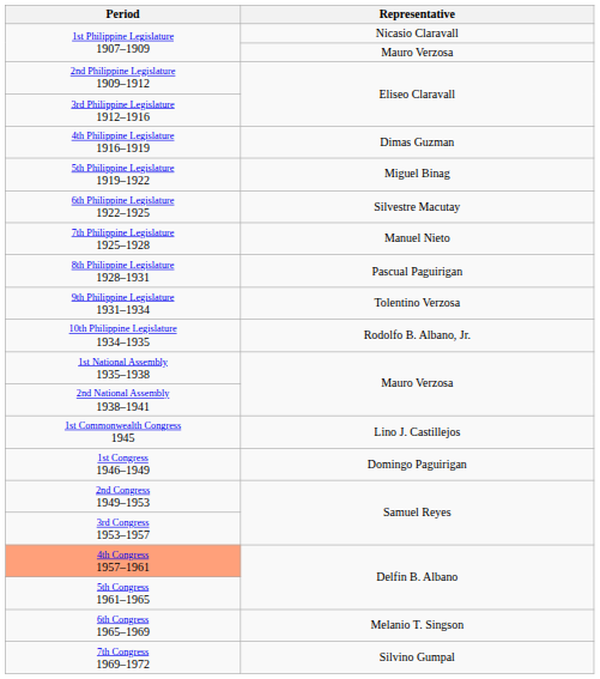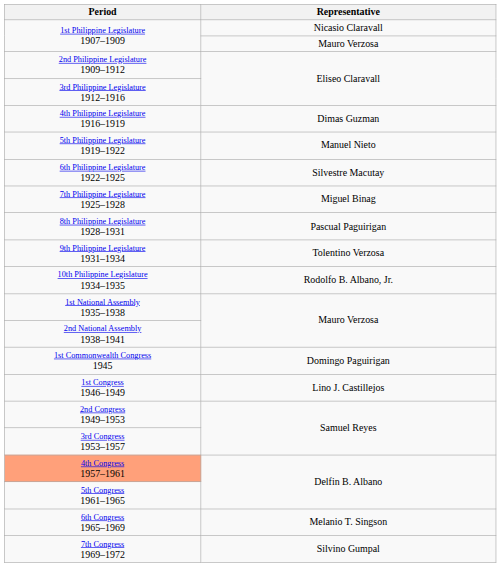 <table class="wikitable" style="text-align:center; width:40%;">
 <tr>
 <th width="40%">Period</th>
 <th>Representative</th>
 </tr>
 <tr>
 <td rowspan="2"><small><a href='#'>1st Philippine Legislature</a></small><br>1907–1909</td>
 <td>Nicasio Claravall</td>
 </tr>
 <tr>
 <td>Mauro Verzosa</td>
 </tr>
 <tr>
 <td><small><a href='#'>2nd Philippine Legislature</a></small><br>1909–1912</td>
 <td rowspan="2">Eliseo Claravall</td>
 </tr>
 <tr>
 <td><small><a href='#'>3rd Philippine Legislature</a></small><br>1912–1916</td>
 </tr>
 <tr>
 <td><small><a href='#'>4th Philippine Legislature</a></small><br>1916–1919</td>
 <td>Dimas Guzman</td>
 </tr>
 <tr>
 <td><small><a href='#'>5th Philippine Legislature</a></small><br>1919–1922</td>
-<td>Miguel Binag</td>
+<td>Manuel Nieto</td>
 </tr>
 <tr>
 <td><small><a href='#'>6th Philippine Legislature</a></small><br>1922–1925</td>
 <td>Silvestre Macutay</td>
 </tr>
 <tr>
 <td><small><a href='#'>7th Philippine Legislature</a></small><br>1925–1928</td>
-<td>Manuel Nieto</td>
+<td>Miguel Binag</td>
 </tr>
 <tr>
 <td><small><a href='#'>8th Philippine Legislature</a></small><br>1928–1931</td>
 <td>Pascual Paguirigan</td>
 </tr>
 <tr>
 <td><small><a href='#'>9th Philippine Legislature</a></small><br>1931–1934</td>
 <td>Tolentino Verzosa</td>
 </tr>
 <tr>
 <td><small><a href='#'>10th Philippine Legislature</a></small><br>1934–1935</td>
 <td>Rodolfo B. Albano, Jr.</td>
 </tr>
 <tr>
 <td><small><a href='#'>1st National Assembly</a></small><br>1935–1938</td>
 <td rowspan="2">Mauro Verzosa</td>
 </tr>
 <tr>
 <td><small><a href='#'>2nd National Assembly</a></small><br>1938–1941</td>
 </tr>
 <tr>
 <td><small><a href='#'>1st Commonwealth Congress</a></small><br>1945</td>
-<td>Lino J. Castillejos</td>
+<td>Domingo Paguirigan</td>
 </tr>
 <tr>
 <td><small><a href='#'>1st Congress</a></small><br>1946–1949</td>
-<td>Domingo Paguirigan</td>
+<td>Lino J. Castillejos</td>
 </tr>
 <tr>
 <td><small><a href='#'>2nd Congress</a></small><br>1949–1953</td>
 <td rowspan="2">Samuel Reyes</td>
 </tr>
 <tr>
 <td><small><a href='#'>3rd Congress</a></small><br>1953–1957</td>
 </tr>
 <tr>
 <td style="background: lightsalmon;"><small><a href='#'>4th Congress</a></small><br>1957–1961</td>
 <td rowspan="2">Delfin B. Albano</td>
 </tr>
 <tr>
 <td><small><a href='#'>5th Congress</a></small><br>1961–1965</td>
 </tr>
 <tr>
 <td><small><a href='#'>6th Congress</a></small><br>1965–1969</td>
 <td>Melanio T. Singson</td>
 </tr>
 <tr>
 <td><small><a href='#'>7th Congress</a></small><br>1969–1972</td>
 <td>Silvino Gumpal</td>
 </tr>
 </table>
